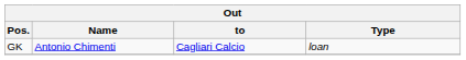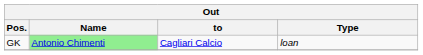 <table class="wikitable" style="font-size:90%;width:99%;">
 <tr>
 <th colspan="4">Out</th>
 </tr>
 <tr>
 <th width=3%>Pos.</th>
 <th width=32%>Name</th>
 <th width=30%>to</th>
 <th width=35%>Type</th>
 </tr>
 <tr>
 <td>GK</td>
-<td><a href='#'>Antonio Chimenti</a></td>
+<td style="background: lightgreen;"><a href='#'>Antonio Chimenti</a></td>
 <td><a href='#'>Cagliari Calcio</a></td>
 <td><em>loan</em></td>
 </tr>
 <tr>
 </tr>
 </table>
